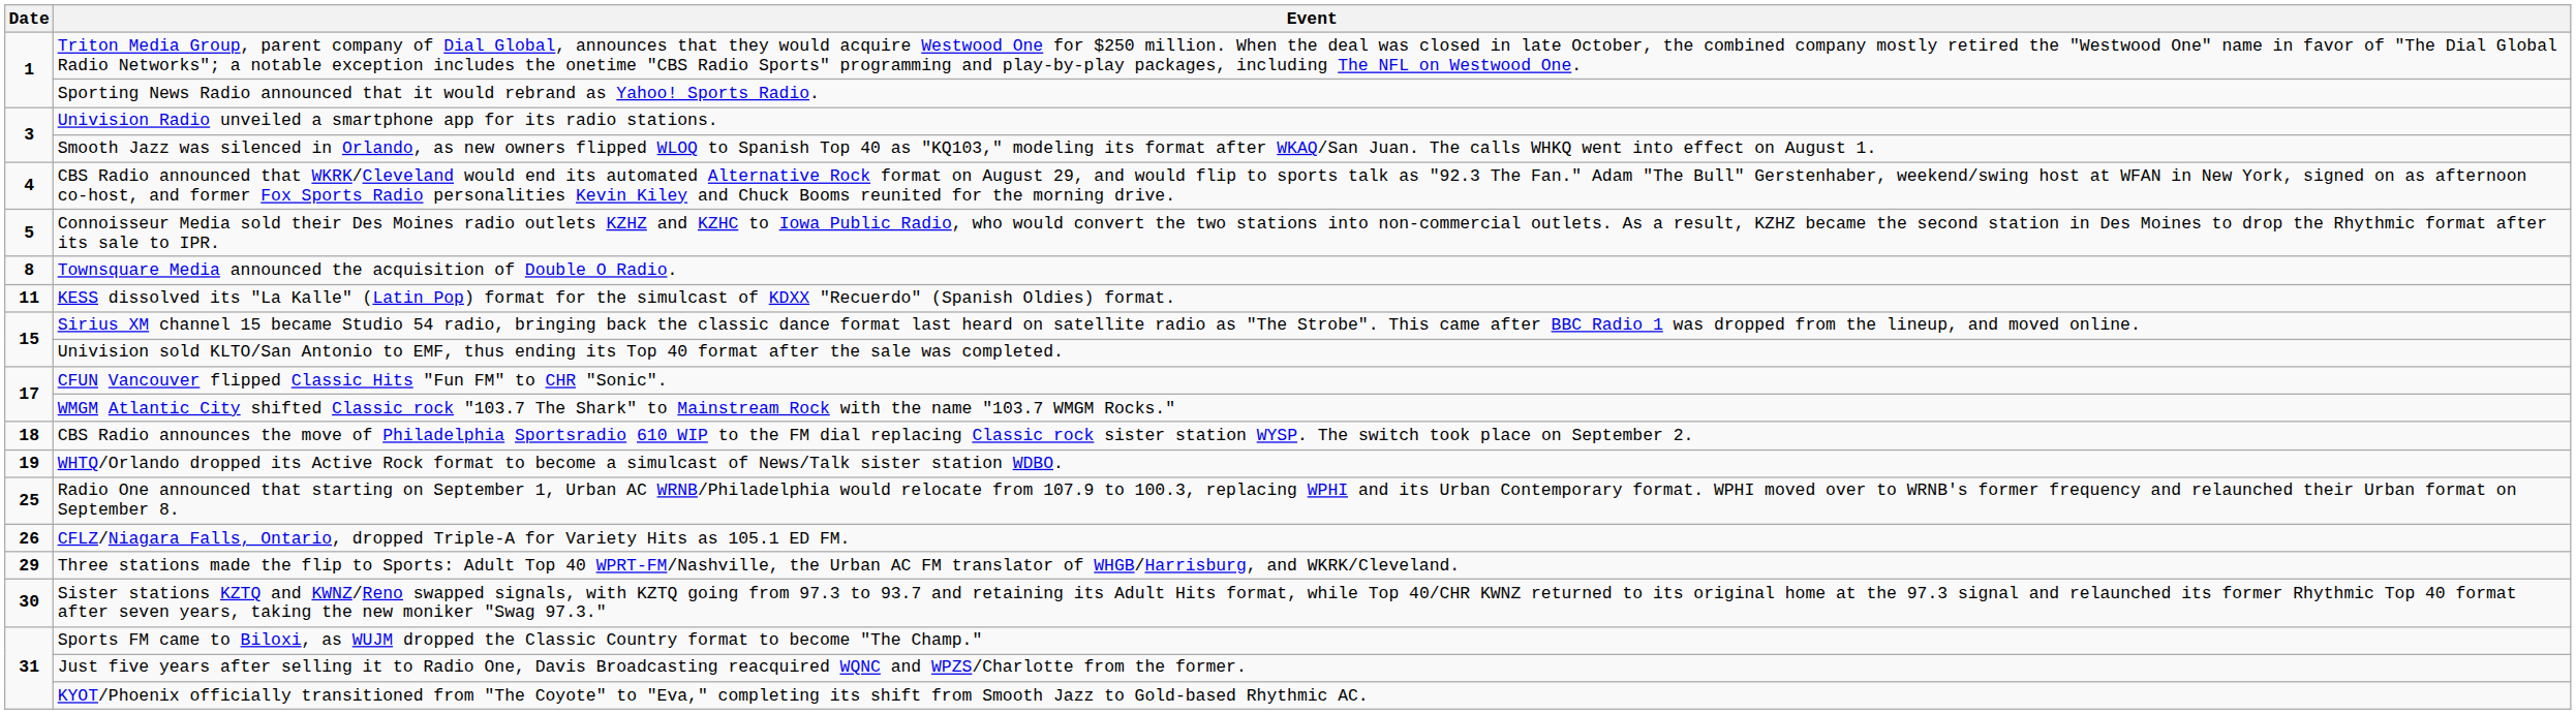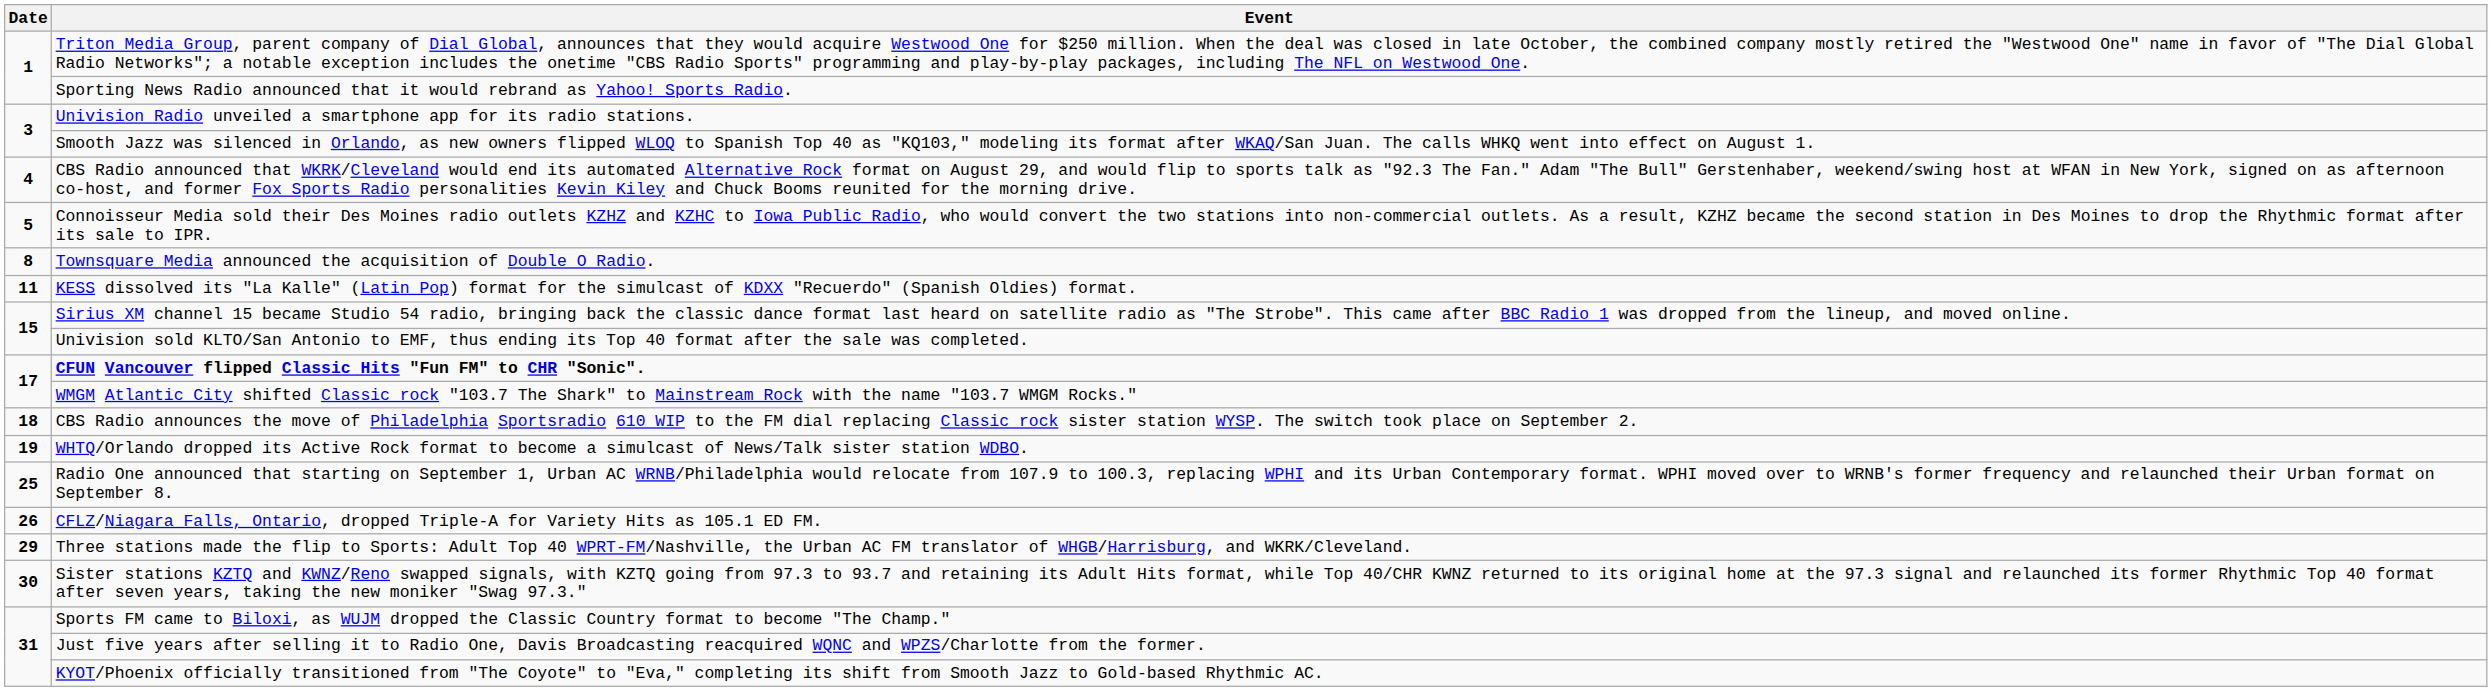 <table class="wikitable">
 <tr>
 <th>Date</th>
 <th>Event</th>
 </tr>
 <tr>
 <td style="text-align:center;" rowspan="2"><strong>1</strong></td>
 <td><a href='#'>Triton Media Group</a>, parent company of <a href='#'>Dial Global</a>, announces that they would acquire <a href='#'>Westwood One</a> for $250 million. When the deal was closed in late October, the combined company mostly retired the "Westwood One" name in favor of "The Dial Global Radio Networks"; a notable exception includes the onetime "CBS Radio Sports" programming and play-by-play packages, including <a href='#'>The NFL on Westwood One</a>.</td>
 </tr>
 <tr>
 <td>Sporting News Radio announced that it would rebrand as <a href='#'>Yahoo! Sports Radio</a>.</td>
 </tr>
 <tr>
 <td style="text-align:center;" rowspan="2"><strong>3</strong></td>
 <td><a href='#'>Univision Radio</a> unveiled a smartphone app for its radio stations.</td>
 </tr>
 <tr>
 <td>Smooth Jazz was silenced in <a href='#'>Orlando</a>, as new owners flipped <a href='#'>WLOQ</a> to Spanish Top 40 as "KQ103," modeling its format after <a href='#'>WKAQ</a>/San Juan. The calls WHKQ went into effect on August 1.</td>
 </tr>
 <tr>
 <td style="text-align:center;"><strong>4</strong></td>
 <td>CBS Radio announced that <a href='#'>WKRK</a>/<a href='#'>Cleveland</a> would end its automated <a href='#'>Alternative Rock</a> format on August 29, and would flip to sports talk as "92.3 The Fan." Adam "The Bull" Gerstenhaber, weekend/swing host at WFAN in New York, signed on as afternoon co-host, and former <a href='#'>Fox Sports Radio</a> personalities <a href='#'>Kevin Kiley</a> and Chuck Booms reunited for the morning drive.</td>
 </tr>
 <tr>
 <td style="text-align:center;"><strong>5</strong></td>
 <td>Connoisseur Media sold their Des Moines radio outlets <a href='#'>KZHZ</a> and <a href='#'>KZHC</a> to <a href='#'>Iowa Public Radio</a>, who would convert the two stations into non-commercial outlets. As a result, KZHZ became the second station in Des Moines to drop the Rhythmic format after its sale to IPR.</td>
 </tr>
 <tr>
 <td style="text-align:center;"><strong>8</strong></td>
 <td><a href='#'>Townsquare Media</a> announced the acquisition of <a href='#'>Double O Radio</a>.</td>
 </tr>
 <tr>
 <td style="text-align:center;"><strong>11</strong></td>
 <td><a href='#'>KESS</a> dissolved its "La Kalle" (<a href='#'>Latin Pop</a>) format for the simulcast of <a href='#'>KDXX</a> "Recuerdo" (Spanish Oldies) format.</td>
 </tr>
 <tr>
 <td style="text-align:center;" rowspan="2"><strong>15</strong></td>
 <td><a href='#'>Sirius XM</a> channel 15 became Studio 54 radio, bringing back the classic dance format last heard on satellite radio as "The Strobe". This came after <a href='#'>BBC Radio 1</a> was dropped from the lineup, and moved online.</td>
 </tr>
 <tr>
 <td>Univision sold KLTO/San Antonio to EMF, thus ending its Top 40 format after the sale was completed.</td>
 </tr>
 <tr>
 <td style="text-align:center;" rowspan="2"><strong>17</strong></td>
-<td><a href='#'>CFUN</a> <a href='#'>Vancouver</a> flipped <a href='#'>Classic Hits</a> "Fun FM" to <a href='#'>CHR</a> "Sonic".</td>
+<td><strong><a href='#'>CFUN</a> <a href='#'>Vancouver</a> flipped <a href='#'>Classic Hits</a> "Fun FM" to <a href='#'>CHR</a> "Sonic".</strong></td>
 </tr>
 <tr>
 <td><a href='#'>WMGM</a> <a href='#'>Atlantic City</a> shifted <a href='#'>Classic rock</a> "103.7 The Shark" to <a href='#'>Mainstream Rock</a> with the name "103.7 WMGM Rocks."</td>
 </tr>
 <tr>
 <td style="text-align:center;"><strong>18</strong></td>
 <td>CBS Radio announces the move of <a href='#'>Philadelphia</a> <a href='#'>Sportsradio</a> <a href='#'>610 WIP</a> to the FM dial replacing <a href='#'>Classic rock</a> sister station <a href='#'>WYSP</a>. The switch took place on September 2.</td>
 </tr>
 <tr>
 <td style="text-align:center;"><strong>19</strong></td>
 <td><a href='#'>WHTQ</a>/Orlando dropped its Active Rock format to become a simulcast of News/Talk sister station <a href='#'>WDBO</a>.</td>
 </tr>
 <tr>
 <td style="text-align:center;"><strong>25</strong></td>
 <td>Radio One announced that starting on September 1, Urban AC <a href='#'>WRNB</a>/Philadelphia would relocate from 107.9 to 100.3, replacing <a href='#'>WPHI</a> and its Urban Contemporary format. WPHI moved over to WRNB's former frequency and relaunched their Urban format on September 8.</td>
 </tr>
 <tr>
 <td style="text-align:center;"><strong>26</strong></td>
 <td><a href='#'>CFLZ</a>/<a href='#'>Niagara Falls, Ontario</a>, dropped Triple-A for Variety Hits as 105.1 ED FM.</td>
 </tr>
 <tr>
 <td style="text-align:center;"><strong>29</strong></td>
 <td>Three stations made the flip to Sports: Adult Top 40 <a href='#'>WPRT-FM</a>/Nashville, the Urban AC FM translator of <a href='#'>WHGB</a>/<a href='#'>Harrisburg</a>, and WKRK/Cleveland.</td>
 </tr>
 <tr>
 <td style="text-align:center;"><strong>30</strong></td>
 <td>Sister stations <a href='#'>KZTQ</a> and <a href='#'>KWNZ</a>/<a href='#'>Reno</a> swapped signals, with KZTQ going from 97.3 to 93.7 and retaining its Adult Hits format, while Top 40/CHR KWNZ returned to its original home at the 97.3 signal and relaunched its former Rhythmic Top 40 format after seven years, taking the new moniker "Swag 97.3."</td>
 </tr>
 <tr>
 <td style="text-align:center;" rowspan="3"><strong>31</strong></td>
 <td>Sports FM came to <a href='#'>Biloxi</a>, as <a href='#'>WUJM</a> dropped the Classic Country format to become "The Champ."</td>
 </tr>
 <tr>
 <td>Just five years after selling it to Radio One, Davis Broadcasting reacquired <a href='#'>WQNC</a> and <a href='#'>WPZS</a>/Charlotte from the former.</td>
 </tr>
 <tr>
 <td><a href='#'>KYOT</a>/Phoenix officially transitioned from "The Coyote" to "Eva," completing its shift from Smooth Jazz to Gold-based Rhythmic AC.</td>
 </tr>
 </table>
